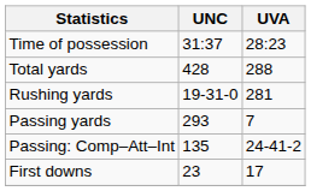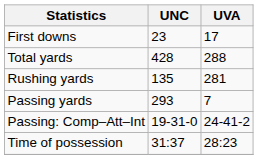 <table class="wikitable" style="float: left;">
 <tr>
 <th>Statistics</th>
 <th>UNC</th>
 <th>UVA</th>
 </tr>
 <tr>
-<td>Time of possession</td>
-<td>31:37</td>
-<td>28:23</td>
+<td>First downs</td>
+<td>23</td>
+<td>17</td>
 </tr>
 <tr>
 <td>Total yards</td>
 <td>428</td>
 <td>288</td>
 </tr>
 <tr>
 <td>Rushing yards</td>
-<td>19-31-0</td>
+<td>135</td>
 <td>281</td>
 </tr>
 <tr>
 <td>Passing yards</td>
 <td>293</td>
 <td>7</td>
 </tr>
 <tr>
 <td>Passing: Comp–Att–Int</td>
-<td>135</td>
+<td>19-31-0</td>
 <td>24-41-2</td>
 </tr>
 <tr>
-<td>First downs</td>
-<td>23</td>
-<td>17</td>
+<td>Time of possession</td>
+<td>31:37</td>
+<td>28:23</td>
 </tr>
 <tr>
 </tr>
 </table>
